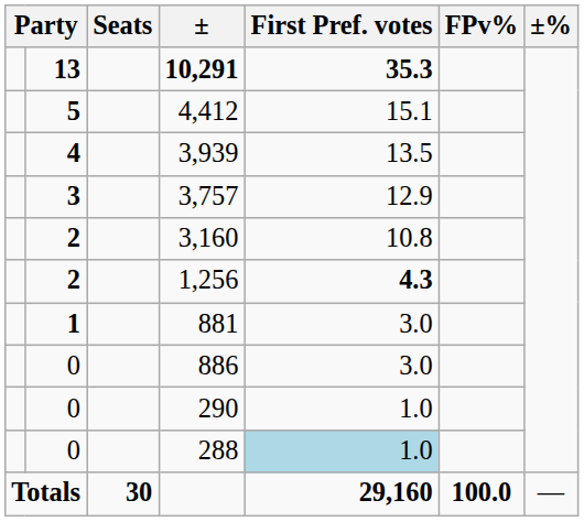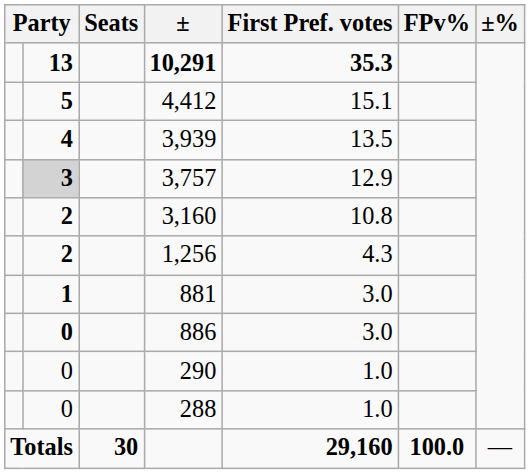 <table class=wikitable>
 <tr>
 <th colspan=2 align=center>Party</th>
 <th valign=top>Seats</th>
 <th valign=top>±</th>
 <th valign=top>First Pref. votes</th>
 <th valign=top>FPv%</th>
 <th valign=top>±%</th>
 </tr>
 <tr>
 <td></td>
 <td align=right><strong>13</strong></td>
 <td align=right></td>
 <td align=right><strong>10,291</strong></td>
 <td align=right><strong>35.3</strong></td>
 <td align=right></td>
 </tr>
 <tr>
 <td></td>
 <td align=right><strong>5</strong></td>
 <td align=right></td>
 <td align=right>4,412</td>
 <td align=right>15.1</td>
 <td align=right></td>
 </tr>
 <tr>
 <td></td>
 <td align=right><strong>4</strong></td>
 <td align=right></td>
 <td align=right>3,939</td>
 <td align=right>13.5</td>
 <td align=right></td>
 </tr>
 <tr>
 <td></td>
-<td align=right><strong>3</strong></td>
+<td align=right style="background: lightgrey;"><strong>3</strong></td>
 <td align=right></td>
 <td align=right>3,757</td>
 <td align=right>12.9</td>
 <td align=right></td>
 </tr>
 <tr>
 <td></td>
 <td align=right><strong>2</strong></td>
 <td align=right></td>
 <td align=right>3,160</td>
 <td align=right>10.8</td>
 <td align=right></td>
 </tr>
 <tr>
 <td></td>
 <td align=right><strong>2</strong></td>
 <td align=right></td>
 <td align=right>1,256</td>
-<td align=right><strong>4.3</strong></td>
+<td align=right>4.3</td>
 <td align=right></td>
 </tr>
 <tr>
 <td></td>
 <td align=right><strong>1</strong></td>
 <td align=right></td>
 <td align=right>881</td>
 <td align=right>3.0</td>
 <td align=right></td>
 </tr>
 <tr>
 <td></td>
-<td align=right>0</td>
+<td align=right><strong>0</strong></td>
 <td align=right></td>
 <td align=right>886</td>
 <td align=right>3.0</td>
 <td align=right></td>
 </tr>
 <tr>
 <td></td>
 <td align=right>0</td>
 <td align=right></td>
 <td align=right>290</td>
 <td align=right>1.0</td>
 <td align=right></td>
 </tr>
 <tr>
 <td></td>
 <td align=right>0</td>
 <td align=right></td>
 <td align=right>288</td>
-<td align=right style="background: lightblue;">1.0</td>
+<td align=right>1.0</td>
 <td align=right></td>
 </tr>
 <tr>
 <td colspan=2 align=center><strong>Totals</strong></td>
 <td align=right><strong>30</strong></td>
 <td align=center></td>
 <td align=right><strong>29,160</strong></td>
 <td align=center><strong>100.0</strong></td>
 <td align=center>—</td>
 </tr>
 </table>
